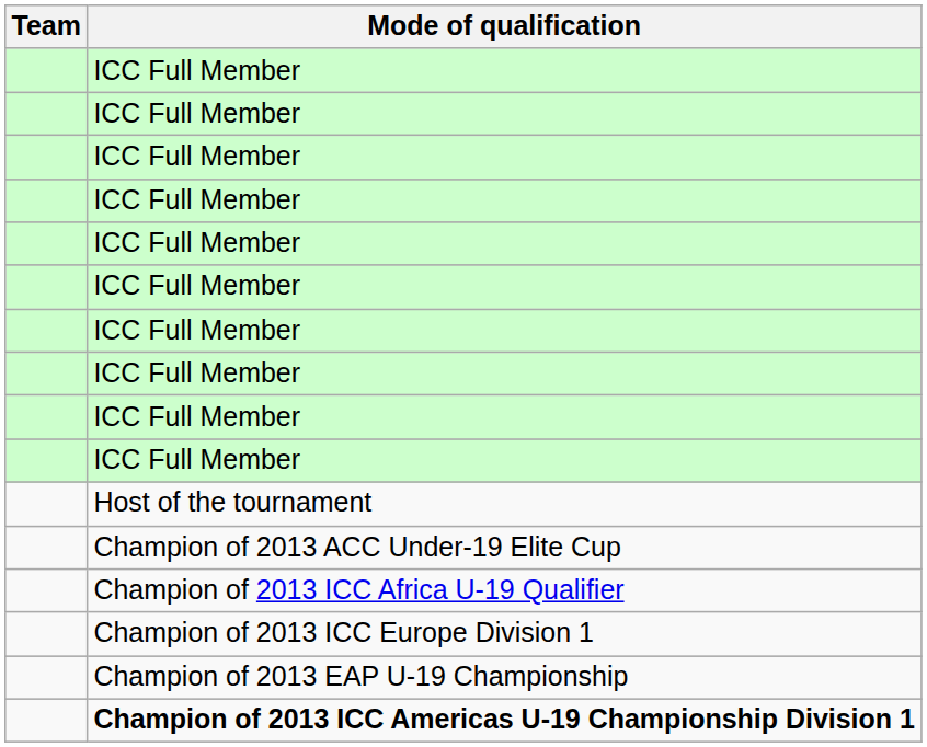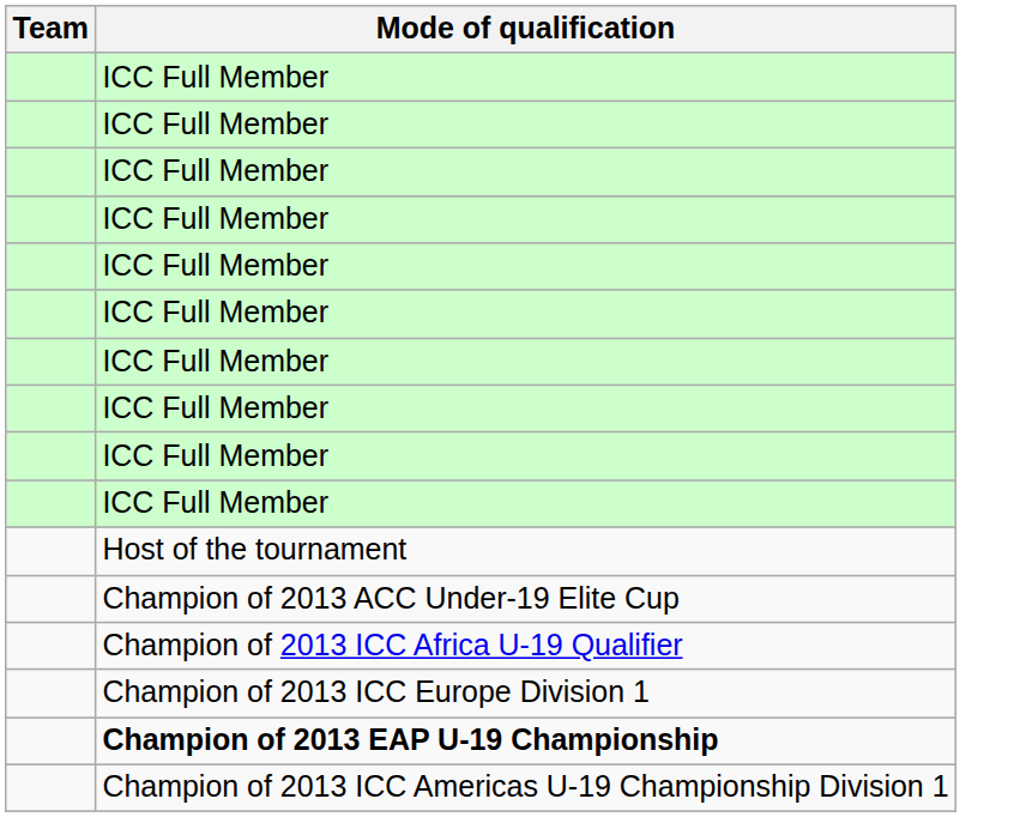 <table class="wikitable">
 <tr>
 <th>Team</th>
 <th>Mode of qualification</th>
 </tr>
 <tr style="background:#cfc;">
 <td></td>
 <td>ICC Full Member</td>
 </tr>
 <tr style="background:#cfc;">
 <td></td>
 <td>ICC Full Member</td>
 </tr>
 <tr style="background:#cfc;">
 <td></td>
 <td>ICC Full Member</td>
 </tr>
 <tr style="background:#cfc;">
 <td></td>
 <td>ICC Full Member</td>
 </tr>
 <tr style="background:#cfc;">
 <td></td>
 <td>ICC Full Member</td>
 </tr>
 <tr style="background:#cfc;">
 <td></td>
 <td>ICC Full Member</td>
 </tr>
 <tr style="background:#cfc;">
 <td></td>
 <td>ICC Full Member</td>
 </tr>
 <tr style="background:#cfc;">
 <td></td>
 <td>ICC Full Member</td>
 </tr>
 <tr style="background:#cfc;">
 <td></td>
 <td>ICC Full Member</td>
 </tr>
 <tr style="background:#cfc;">
 <td></td>
 <td>ICC Full Member</td>
 </tr>
 <tr style="background:#FF FA CD;">
 <td></td>
 <td>Host of the tournament</td>
 </tr>
 <tr style="background:#FF FA CD;">
 <td></td>
 <td>Champion of 2013 ACC Under-19 Elite Cup</td>
 </tr>
 <tr style="background:#FF FA CD;">
 <td></td>
 <td>Champion of <a href='#'>2013 ICC Africa U-19 Qualifier</a></td>
 </tr>
 <tr style="background:#FF FA CD;">
 <td></td>
 <td>Champion of 2013 ICC Europe Division 1</td>
 </tr>
 <tr style="background:#FF FA CD;">
 <td></td>
-<td>Champion of 2013 EAP U-19 Championship</td>
+<td><strong>Champion of 2013 EAP U-19 Championship</strong></td>
 </tr>
 <tr style="background:#FF FA CD;">
 <td></td>
-<td><strong>Champion of 2013 ICC Americas U-19 Championship Division 1</strong></td>
+<td>Champion of 2013 ICC Americas U-19 Championship Division 1</td>
 </tr>
 </table>
